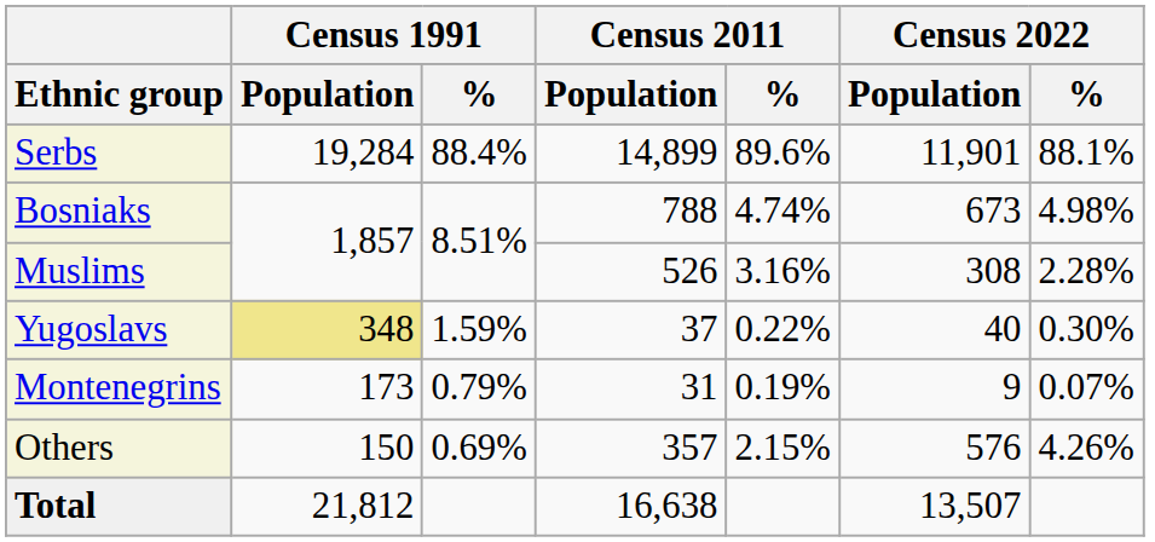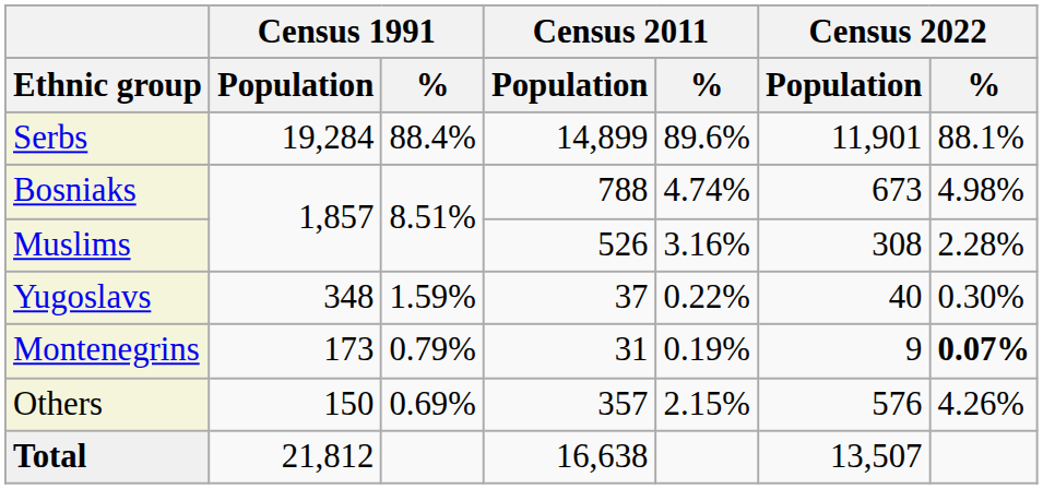 <table class="wikitable">
 <tr>
 <th></th>
 <th colspan="2">Census 1991</th>
 <th colspan="2">Census 2011</th>
 <th colspan="2">Census 2022 </th>
 </tr>
 <tr>
 <th>Ethnic group</th>
 <th>Population</th>
 <th>%</th>
 <th>Population</th>
 <th>%</th>
 <th>Population</th>
 <th>%</th>
 </tr>
 <tr>
 <td style="background:#F5F5DC;"><a href='#'>Serbs</a></td>
 <td align="right">19,284</td>
 <td>88.4%</td>
 <td align="right">14,899</td>
 <td>89.6%</td>
 <td align="right">11,901</td>
 <td>88.1%</td>
 </tr>
 <tr>
 <td style="background:#F5F5DC;"><a href='#'>Bosniaks</a></td>
 <td rowspan="2" align="right">1,857</td>
 <td rowspan="2">8.51%</td>
 <td align="right">788</td>
 <td>4.74%</td>
 <td align="right">673</td>
 <td>4.98%</td>
 </tr>
 <tr>
 <td style="background:#F5F5DC;"><a href='#'>Muslims</a></td>
 <td align="right">526</td>
 <td>3.16%</td>
 <td align="right">308</td>
 <td>2.28%</td>
 </tr>
 <tr>
 <td style="background:#F5F5DC;"><a href='#'>Yugoslavs</a></td>
-<td align="right" style="background: khaki;">348</td>
+<td align="right">348</td>
 <td>1.59%</td>
 <td align="right">37</td>
 <td>0.22%</td>
 <td align="right">40</td>
 <td>0.30%</td>
 </tr>
 <tr>
 <td style="background:#F5F5DC;"><a href='#'>Montenegrins</a></td>
 <td align="right">173</td>
 <td>0.79%</td>
 <td align="right">31</td>
 <td>0.19%</td>
 <td align="right">9</td>
-<td>0.07%</td>
+<td><strong>0.07%</strong></td>
 </tr>
 <tr>
 <td style="background:#F5F5DC;">Others</td>
 <td align="right">150</td>
 <td>0.69%</td>
 <td align="right">357</td>
 <td>2.15%</td>
 <td align="right">576</td>
 <td>4.26%</td>
 </tr>
 <tr>
 <td style="background:#F0F0F0;"><strong>Total</strong></td>
 <td align="right">21,812</td>
 <td></td>
 <td align="right">16,638</td>
 <td></td>
 <td align="right">13,507</td>
 <td></td>
 </tr>
 </table>
